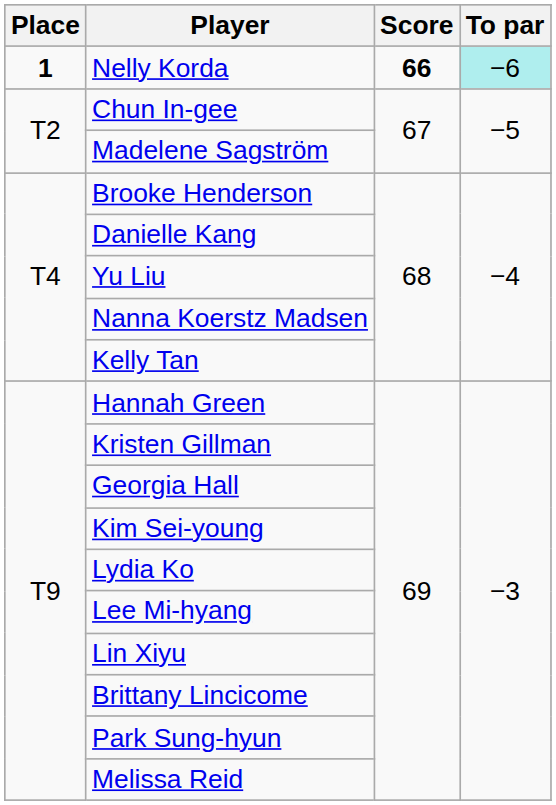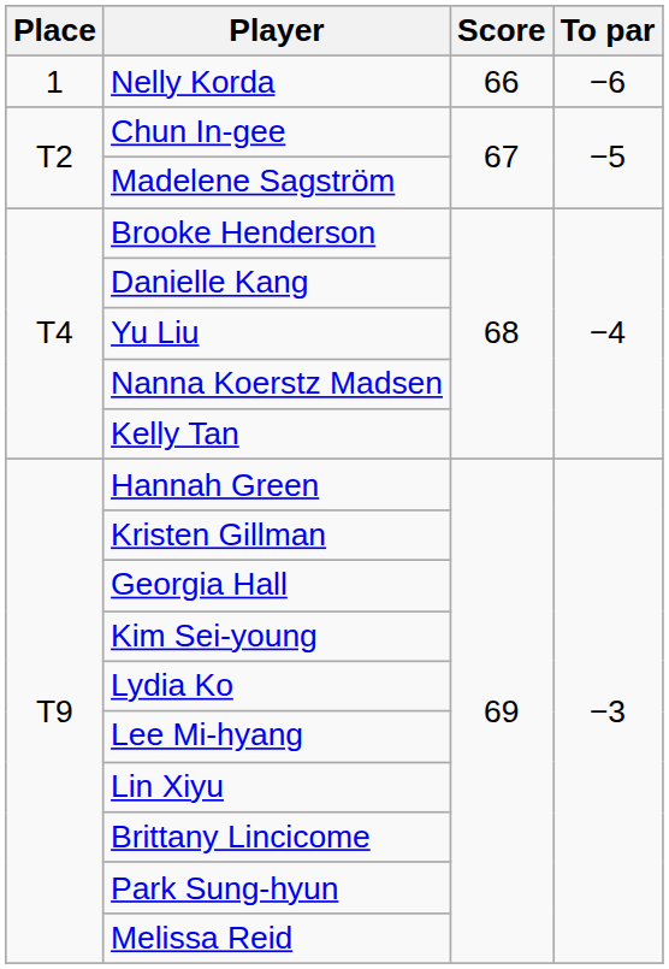 <table class="wikitable">
 <tr>
 <th>Place</th>
 <th>Player</th>
 <th>Score</th>
 <th>To par</th>
 </tr>
 <tr>
-<td align=center><strong>1</strong></td>
+<td align=center>1</td>
 <td> <a href='#'>Nelly Korda</a></td>
-<td align=center><strong>66</strong></td>
-<td align=center style="background: paleturquoise;">−6</td>
+<td align=center>66</td>
+<td align=center>−6</td>
 </tr>
 <tr>
 <td rowspan=2 align=center>T2</td>
 <td> <a href='#'>Chun In-gee</a></td>
 <td rowspan=2 align=center>67</td>
 <td rowspan=2 align=center>−5</td>
 </tr>
 <tr>
 <td> <a href='#'>Madelene Sagström</a></td>
 </tr>
 <tr>
 <td rowspan=5 align=center>T4</td>
 <td> <a href='#'>Brooke Henderson</a></td>
 <td rowspan=5 align=center>68</td>
 <td rowspan=5 align=center>−4</td>
 </tr>
 <tr>
 <td> <a href='#'>Danielle Kang</a></td>
 </tr>
 <tr>
 <td> <a href='#'>Yu Liu</a></td>
 </tr>
 <tr>
 <td> <a href='#'>Nanna Koerstz Madsen</a></td>
 </tr>
 <tr>
 <td> <a href='#'>Kelly Tan</a></td>
 </tr>
 <tr>
 <td rowspan=10 align=center>T9</td>
 <td> <a href='#'>Hannah Green</a></td>
 <td rowspan=10 align=center>69</td>
 <td rowspan=10 align=center>−3</td>
 </tr>
 <tr>
 <td> <a href='#'>Kristen Gillman</a></td>
 </tr>
 <tr>
 <td> <a href='#'>Georgia Hall</a></td>
 </tr>
 <tr>
 <td> <a href='#'>Kim Sei-young</a></td>
 </tr>
 <tr>
 <td> <a href='#'>Lydia Ko</a></td>
 </tr>
 <tr>
 <td> <a href='#'>Lee Mi-hyang</a></td>
 </tr>
 <tr>
 <td> <a href='#'>Lin Xiyu</a></td>
 </tr>
 <tr>
 <td> <a href='#'>Brittany Lincicome</a></td>
 </tr>
 <tr>
 <td> <a href='#'>Park Sung-hyun</a></td>
 </tr>
 <tr>
 <td> <a href='#'>Melissa Reid</a></td>
 </tr>
 </table>
